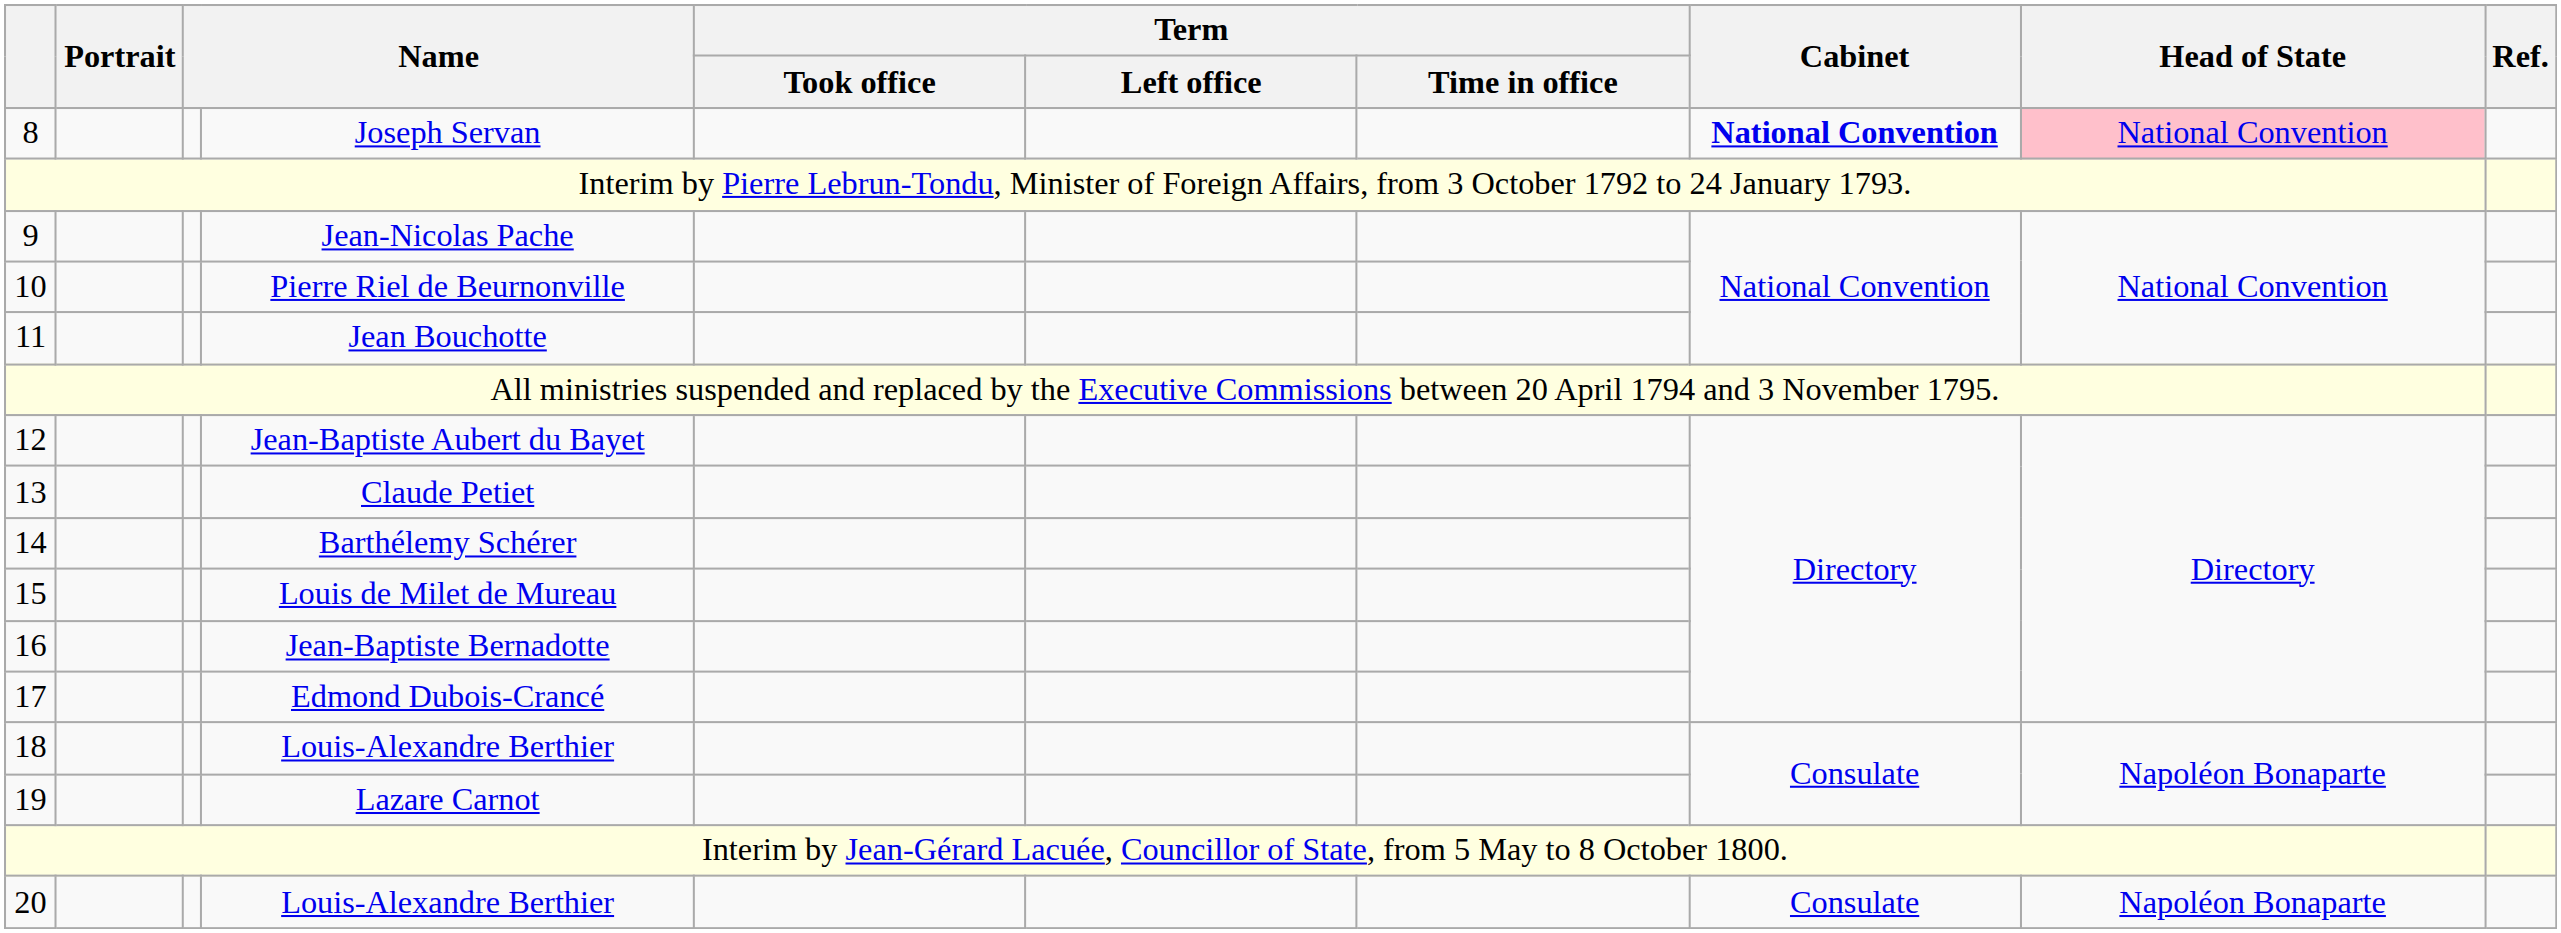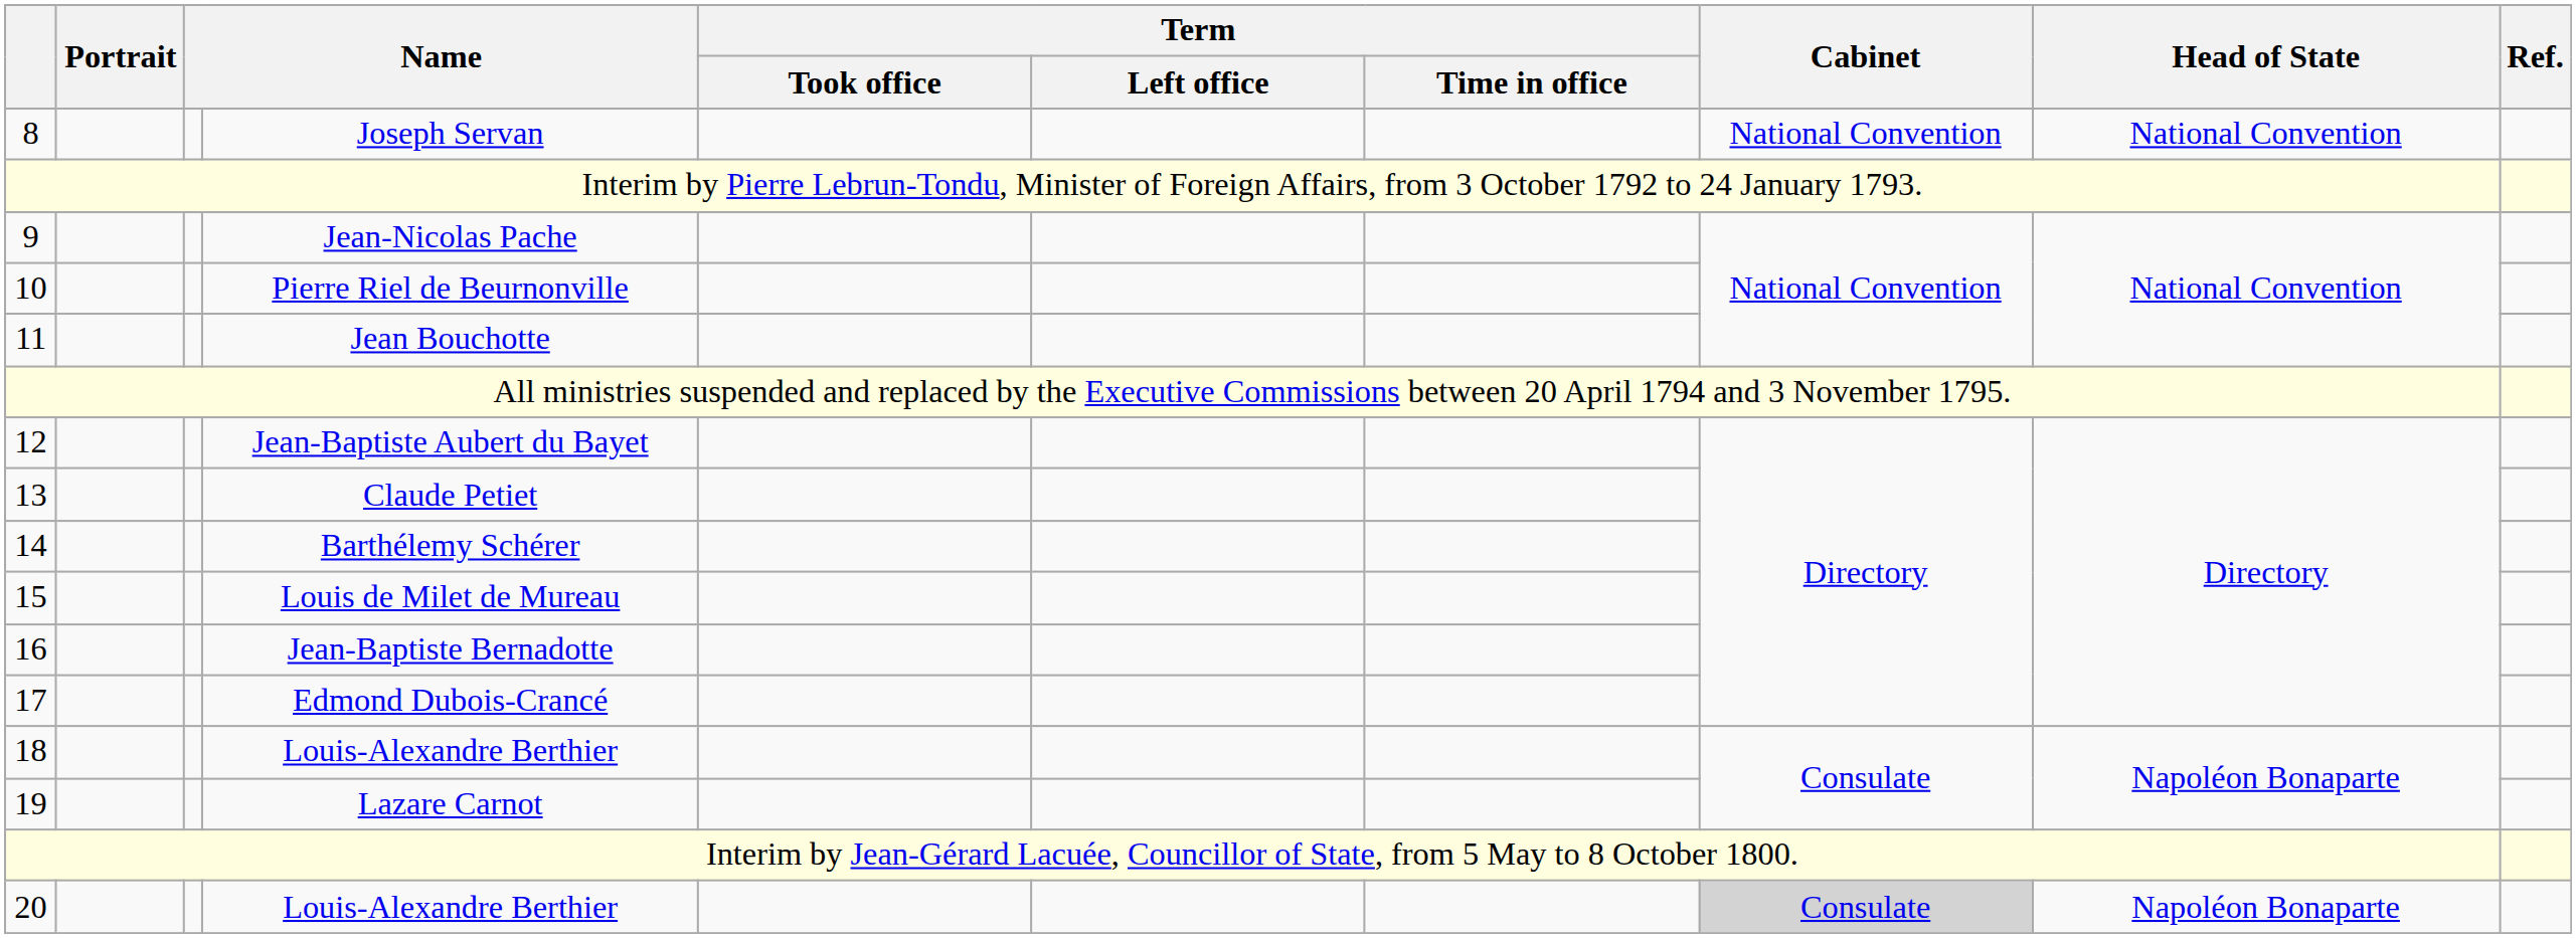 <table class="wikitable" style="text-align:center; width:100%">
 <tr>
 <th style="width:2%" rowspan=2></th>
 <th style="width:5%" rowspan=2>Portrait</th>
 <th style="width:20%" rowspan=2, colspan=2>Name</th>
 <th colspan=3>Term</th>
 <th style="width:13%" rowspan=2>Cabinet</th>
 <th rowspan=2>Head of State</th>
 <th style="width:2%" rowspan=2>Ref.</th>
 </tr>
 <tr>
 <th style="width:13%">Took office</th>
 <th style="width:13%">Left office</th>
 <th style="width:13%">Time in office</th>
 </tr>
 <tr>
 <td>8</td>
 <td></td>
 <td style="background:"></td>
 <td><a href='#'>Joseph Servan</a></td>
 <td><br><small><em></em></small></td>
 <td><br><small><em></em></small></td>
 <td></td>
-<td><strong><a href='#'>National Convention</a></strong></td>
-<td style="background: pink;"><a href='#'>National Convention</a></td>
+<td><a href='#'>National Convention</a></td>
+<td><a href='#'>National Convention</a></td>
 <td></td>
 </tr>
 <tr bgcolor="lightyellow">
 <td colspan=9>Interim by <a href='#'>Pierre Lebrun-Tondu</a>, Minister of Foreign Affairs, from 3 October 1792 to 24 January 1793.</td>
 <td></td>
 </tr>
 <tr>
 <td>9</td>
 <td></td>
 <td style="background:"></td>
 <td><a href='#'>Jean-Nicolas Pache</a></td>
 <td><br><small><em></em></small></td>
 <td><br><small><em></em></small></td>
 <td></td>
 <td rowspan=3><a href='#'>National Convention</a></td>
 <td rowspan=3><a href='#'>National Convention</a></td>
 <td></td>
 </tr>
 <tr>
 <td>10</td>
 <td></td>
 <td style="background:"></td>
 <td><a href='#'>Pierre Riel de Beurnonville</a></td>
 <td><br><small><em></em></small></td>
 <td><br><small><em></em></small></td>
 <td></td>
 <td></td>
 </tr>
 <tr>
 <td>11</td>
 <td></td>
 <td style="background:"></td>
 <td><a href='#'>Jean Bouchotte</a></td>
 <td><br><small><em></em></small></td>
 <td><br><small><em></em></small></td>
 <td></td>
 <td></td>
 </tr>
 <tr bgcolor="lightyellow">
 <td colspan=9>All ministries suspended and replaced by the <a href='#'>Executive Commissions</a> between 20 April 1794 and 3 November 1795.</td>
 <td></td>
 </tr>
 <tr>
 <td>12</td>
 <td></td>
 <td style="background:"></td>
 <td><a href='#'>Jean-Baptiste Aubert du Bayet</a></td>
 <td><br><small><em></em></small></td>
 <td><br><small><em></em></small></td>
 <td></td>
 <td rowspan=6><a href='#'>Directory</a></td>
 <td rowspan=6><a href='#'>Directory</a></td>
 <td></td>
 </tr>
 <tr>
 <td>13</td>
 <td></td>
 <td style="background:"></td>
 <td><a href='#'>Claude Petiet</a></td>
 <td><br><small><em></em></small></td>
 <td><br><small><em></em></small></td>
 <td></td>
 <td></td>
 </tr>
 <tr>
 <td>14</td>
 <td></td>
 <td style="background:"></td>
 <td><a href='#'>Barthélemy Schérer</a></td>
 <td><br><small><em></em></small></td>
 <td><br><small><em></em></small></td>
 <td></td>
 <td></td>
 </tr>
 <tr>
 <td>15</td>
 <td></td>
 <td style="background:"></td>
 <td><a href='#'>Louis de Milet de Mureau</a></td>
 <td><br><small><em></em></small></td>
 <td><br><small><em></em></small></td>
 <td></td>
 <td></td>
 </tr>
 <tr>
 <td>16</td>
 <td></td>
 <td style="background:"></td>
 <td><a href='#'>Jean-Baptiste Bernadotte</a></td>
 <td><br><small><em></em></small></td>
 <td><br><small><em></em></small></td>
 <td></td>
 <td></td>
 </tr>
 <tr>
 <td>17</td>
 <td></td>
 <td style="background:"></td>
 <td><a href='#'>Edmond Dubois-Crancé</a></td>
 <td><br><small><em></em></small></td>
 <td><br><small><em></em></small></td>
 <td></td>
 <td></td>
 </tr>
 <tr>
 <td>18</td>
 <td></td>
 <td style="background:"></td>
 <td><a href='#'>Louis-Alexandre Berthier</a></td>
 <td><br><small><em></em></small></td>
 <td><br><small><em></em></small></td>
 <td></td>
 <td rowspan=2><a href='#'>Consulate</a></td>
 <td rowspan=2><a href='#'>Napoléon Bonaparte</a></td>
 <td></td>
 </tr>
 <tr>
 <td>19</td>
 <td></td>
 <td style="background:"></td>
 <td><a href='#'>Lazare Carnot</a></td>
 <td><br><small><em></em></small></td>
 <td><br><small><em></em></small></td>
 <td></td>
 <td></td>
 </tr>
 <tr bgcolor="lightyellow">
 <td colspan=9>Interim by <a href='#'>Jean-Gérard Lacuée</a>, <a href='#'>Councillor of State</a>, from 5 May to 8 October 1800.</td>
 <td></td>
 </tr>
 <tr>
 <td>20</td>
 <td></td>
 <td style="background:"></td>
 <td><a href='#'>Louis-Alexandre Berthier</a></td>
 <td><br><small><em></em></small></td>
 <td><br><small><em></em></small></td>
 <td></td>
-<td><a href='#'>Consulate</a></td>
+<td style="background: lightgrey;"><a href='#'>Consulate</a></td>
 <td><a href='#'>Napoléon Bonaparte</a></td>
 <td></td>
 </tr>
 </table>
